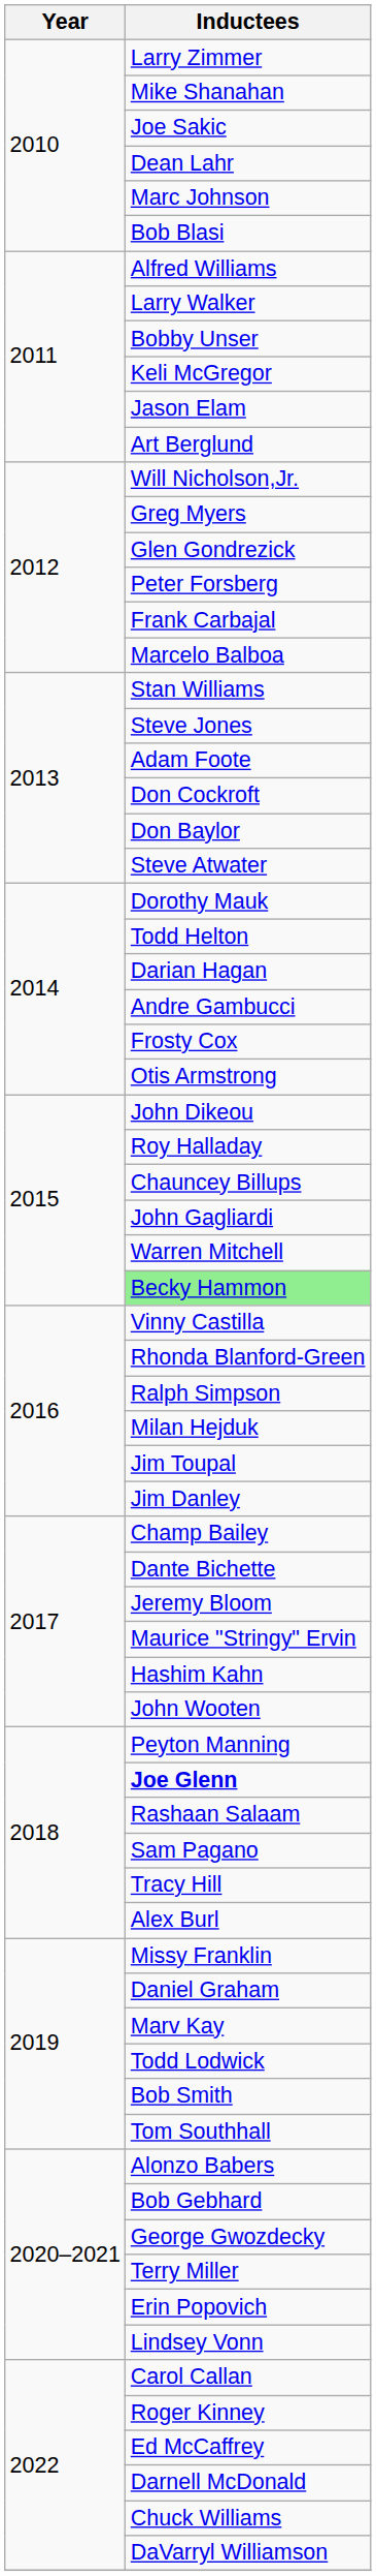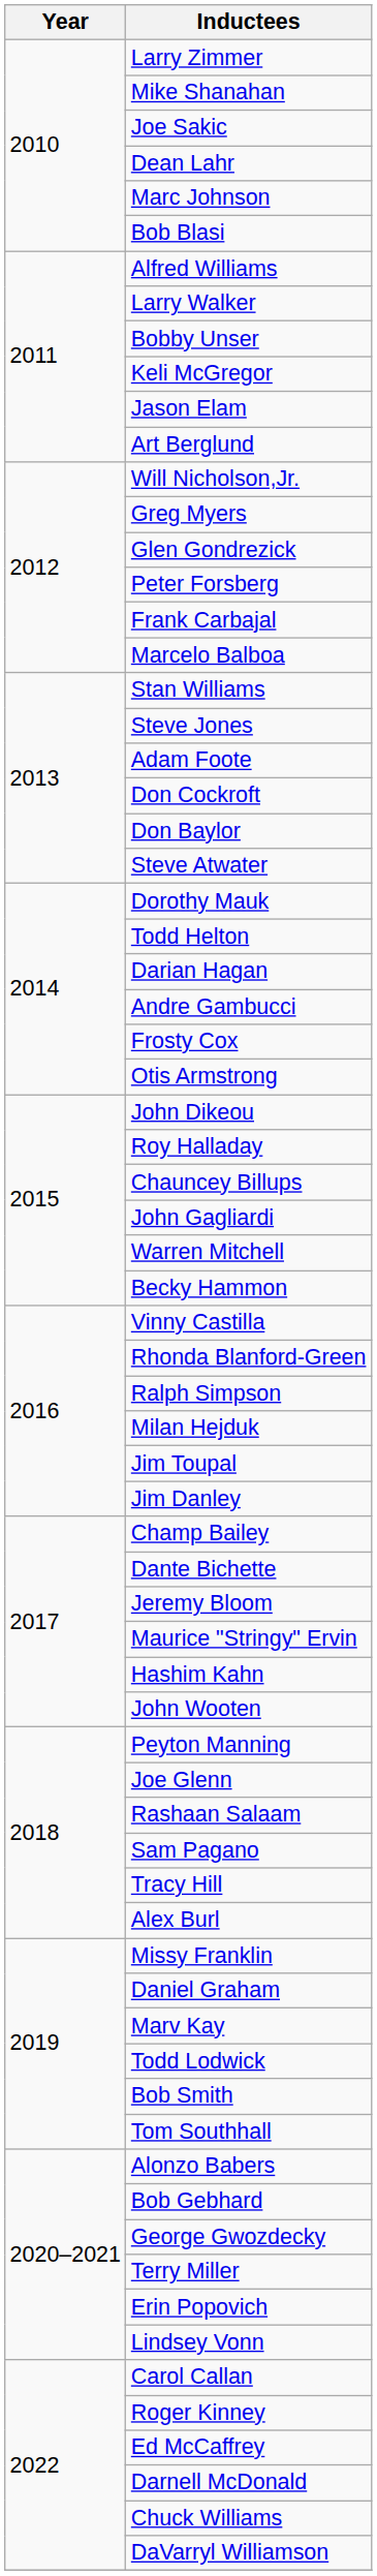 <table class="wikitable">
 <tr>
 <th>Year</th>
 <th colspan="6">Inductees</th>
 </tr>
 <tr>
 <td rowspan="6">2010</td>
 <td><a href='#'>Larry Zimmer</a></td>
 </tr>
 <tr>
 <td><a href='#'>Mike Shanahan</a></td>
 </tr>
 <tr>
 <td><a href='#'>Joe Sakic</a></td>
 </tr>
 <tr>
 <td><a href='#'>Dean Lahr</a></td>
 </tr>
 <tr>
 <td><a href='#'>Marc Johnson</a></td>
 </tr>
 <tr>
 <td><a href='#'>Bob Blasi</a></td>
 </tr>
 <tr>
 <td rowspan="6">2011</td>
 <td><a href='#'>Alfred Williams</a></td>
 </tr>
 <tr>
 <td><a href='#'>Larry Walker</a></td>
 </tr>
 <tr>
 <td><a href='#'>Bobby Unser</a></td>
 </tr>
 <tr>
 <td><a href='#'>Keli McGregor</a></td>
 </tr>
 <tr>
 <td><a href='#'>Jason Elam</a></td>
 </tr>
 <tr>
 <td><a href='#'>Art Berglund</a></td>
 </tr>
 <tr>
 <td rowspan="6">2012</td>
 <td><a href='#'>Will Nicholson,Jr.</a></td>
 </tr>
 <tr>
 <td><a href='#'>Greg Myers</a></td>
 </tr>
 <tr>
 <td><a href='#'>Glen Gondrezick</a></td>
 </tr>
 <tr>
 <td><a href='#'>Peter Forsberg</a></td>
 </tr>
 <tr>
 <td><a href='#'>Frank Carbajal</a></td>
 </tr>
 <tr>
 <td><a href='#'>Marcelo Balboa</a></td>
 </tr>
 <tr>
 <td rowspan="6">2013</td>
 <td><a href='#'>Stan Williams</a></td>
 </tr>
 <tr>
 <td><a href='#'>Steve Jones</a></td>
 </tr>
 <tr>
 <td><a href='#'>Adam Foote</a></td>
 </tr>
 <tr>
 <td><a href='#'>Don Cockroft</a></td>
 </tr>
 <tr>
 <td><a href='#'>Don Baylor</a></td>
 </tr>
 <tr>
 <td><a href='#'>Steve Atwater</a></td>
 </tr>
 <tr>
 <td rowspan="6">2014</td>
 <td><a href='#'>Dorothy Mauk</a></td>
 </tr>
 <tr>
 <td><a href='#'>Todd Helton</a></td>
 </tr>
 <tr>
 <td><a href='#'>Darian Hagan</a></td>
 </tr>
 <tr>
 <td><a href='#'>Andre Gambucci</a></td>
 </tr>
 <tr>
 <td><a href='#'>Frosty Cox</a></td>
 </tr>
 <tr>
 <td><a href='#'>Otis Armstrong</a></td>
 </tr>
 <tr>
 <td rowspan="6">2015</td>
 <td><a href='#'>John Dikeou</a></td>
 </tr>
 <tr>
 <td><a href='#'>Roy Halladay</a></td>
 </tr>
 <tr>
 <td><a href='#'>Chauncey Billups</a></td>
 </tr>
 <tr>
 <td><a href='#'>John Gagliardi</a></td>
 </tr>
 <tr>
 <td><a href='#'>Warren Mitchell</a></td>
 </tr>
 <tr>
-<td style="background: lightgreen;"><a href='#'>Becky Hammon</a></td>
+<td><a href='#'>Becky Hammon</a></td>
 </tr>
 <tr>
 <td rowspan="6">2016</td>
 <td><a href='#'>Vinny Castilla</a></td>
 </tr>
 <tr>
 <td><a href='#'>Rhonda Blanford-Green</a></td>
 </tr>
 <tr>
 <td><a href='#'>Ralph Simpson</a></td>
 </tr>
 <tr>
 <td><a href='#'>Milan Hejduk</a></td>
 </tr>
 <tr>
 <td><a href='#'>Jim Toupal</a></td>
 </tr>
 <tr>
 <td><a href='#'>Jim Danley</a></td>
 </tr>
 <tr>
 <td rowspan="6">2017</td>
 <td><a href='#'>Champ Bailey</a></td>
 </tr>
 <tr>
 <td><a href='#'>Dante Bichette</a></td>
 </tr>
 <tr>
 <td><a href='#'>Jeremy Bloom</a></td>
 </tr>
 <tr>
 <td><a href='#'>Maurice "Stringy" Ervin</a></td>
 </tr>
 <tr>
 <td><a href='#'>Hashim Kahn</a></td>
 </tr>
 <tr>
 <td><a href='#'>John Wooten</a></td>
 </tr>
 <tr>
 <td rowspan="6">2018</td>
 <td><a href='#'>Peyton Manning</a></td>
 </tr>
 <tr>
-<td><strong><a href='#'>Joe Glenn</a></strong></td>
+<td><a href='#'>Joe Glenn</a></td>
 </tr>
 <tr>
 <td><a href='#'>Rashaan Salaam</a></td>
 </tr>
 <tr>
 <td><a href='#'>Sam Pagano</a></td>
 </tr>
 <tr>
 <td><a href='#'>Tracy Hill</a></td>
 </tr>
 <tr>
 <td><a href='#'>Alex Burl</a></td>
 </tr>
 <tr>
 <td rowspan="6">2019</td>
 <td><a href='#'>Missy Franklin</a></td>
 </tr>
 <tr>
 <td><a href='#'>Daniel Graham</a></td>
 </tr>
 <tr>
 <td><a href='#'>Marv Kay</a></td>
 </tr>
 <tr>
 <td><a href='#'>Todd Lodwick</a></td>
 </tr>
 <tr>
 <td><a href='#'>Bob Smith</a></td>
 </tr>
 <tr>
 <td><a href='#'>Tom Southhall</a></td>
 </tr>
 <tr>
 <td rowspan="6">2020–2021</td>
 <td><a href='#'>Alonzo Babers</a></td>
 </tr>
 <tr>
 <td><a href='#'>Bob Gebhard</a></td>
 </tr>
 <tr>
 <td><a href='#'>George Gwozdecky</a></td>
 </tr>
 <tr>
 <td><a href='#'>Terry Miller</a></td>
 </tr>
 <tr>
 <td><a href='#'>Erin Popovich</a></td>
 </tr>
 <tr>
 <td><a href='#'>Lindsey Vonn</a></td>
 </tr>
 <tr>
 <td rowspan="6">2022</td>
 <td><a href='#'>Carol Callan</a></td>
 </tr>
 <tr>
 <td><a href='#'>Roger Kinney</a></td>
 </tr>
 <tr>
 <td><a href='#'>Ed McCaffrey</a></td>
 </tr>
 <tr>
 <td><a href='#'>Darnell McDonald</a></td>
 </tr>
 <tr>
 <td><a href='#'>Chuck Williams</a></td>
 </tr>
 <tr>
 <td><a href='#'>DaVarryl Williamson</a></td>
 </tr>
 <tr>
 </tr>
 </table>
